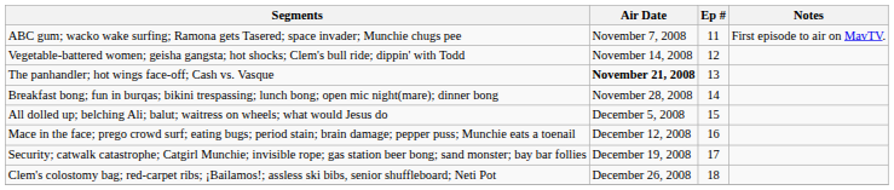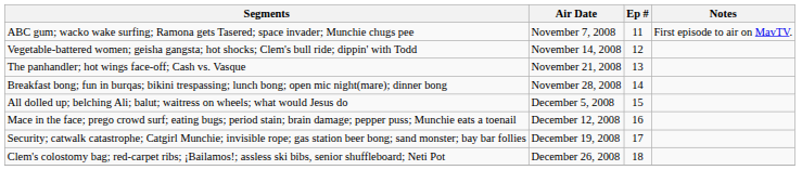 <table class="wikitable">
 <tr>
 <th>Segments</th>
 <th>Air Date</th>
 <th>Ep #</th>
 <th>Notes</th>
 </tr>
 <tr>
 <td>ABC gum; wacko wake surfing; Ramona gets Tasered; space invader; Munchie chugs pee</td>
 <td>November 7, 2008</td>
 <td align="center">11</td>
 <td>First episode to air on <a href='#'>MavTV</a>.</td>
 </tr>
 <tr>
 <td>Vegetable-battered women; geisha gangsta; hot shocks; Clem's bull ride; dippin' with Todd</td>
 <td>November 14, 2008</td>
 <td align="center">12</td>
 <td></td>
 </tr>
 <tr>
 <td>The panhandler; hot wings face-off; Cash vs. Vasque</td>
-<td><strong>November 21, 2008</strong></td>
+<td>November 21, 2008</td>
 <td align="center">13</td>
 <td></td>
 </tr>
 <tr>
 <td>Breakfast bong; fun in burqas; bikini trespassing; lunch bong; open mic night(mare); dinner bong</td>
 <td>November 28, 2008</td>
 <td align="center">14</td>
 <td></td>
 </tr>
 <tr>
 <td>All dolled up; belching Ali; balut; waitress on wheels; what would Jesus do</td>
 <td>December 5, 2008</td>
 <td align="center">15</td>
 <td></td>
 </tr>
 <tr>
 <td>Mace in the face; prego crowd surf; eating bugs; period stain; brain damage; pepper puss; Munchie eats a toenail</td>
 <td>December 12, 2008</td>
 <td align="center">16</td>
 <td></td>
 </tr>
 <tr>
 <td>Security; catwalk catastrophe; Catgirl Munchie; invisible rope; gas station beer bong; sand monster; bay bar follies</td>
 <td>December 19, 2008</td>
 <td align="center">17</td>
 <td></td>
 </tr>
 <tr>
 <td>Clem's colostomy bag; red-carpet ribs; ¡Bailamos!; assless ski bibs, senior shuffleboard; Neti Pot</td>
 <td>December 26, 2008</td>
 <td align="center">18</td>
 <td></td>
 </tr>
 <tr>
 </tr>
 </table>
